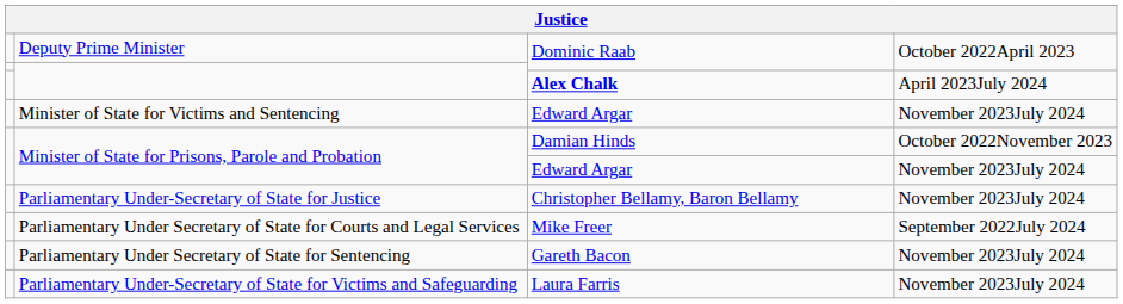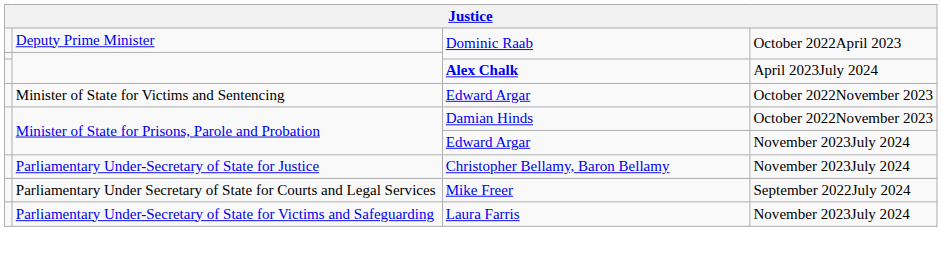 <table class="wikitable">
 <tr>
 <th colspan="4"><a href='#'>Justice</a></th>
 </tr>
 <tr>
 <td rowspan="1" style="width: 1px; background: "></td>
 <td rowspan="1" style="width: 450px;"><a href='#'>Deputy Prime Minister</a></td>
 <td rowspan="2"  style="width: 320px;"><a href='#'>Dominic Raab</a></td>
 <td rowspan="2">October 2022April 2023</td>
 </tr>
 <tr>
 <td style="width: 1px; background: "></td>
 <td rowspan="2" style="width: 450px;"></td>
 </tr>
 <tr>
 <td style="width: 1px; background: "></td>
 <td><strong><a href='#'>Alex Chalk</a></strong></td>
 <td>April 2023July 2024</td>
 </tr>
 <tr>
 <td rowspan="1" style="width: 1px; background: "></td>
 <td rowspan="1">Minister of State for Victims and Sentencing</td>
 <td><a href='#'>Edward Argar</a></td>
-<td>November 2023July 2024</td>
+<td>October 2022November 2023</td>
 </tr>
 <tr>
 <td rowspan="2" style="width: 1px; background: "></td>
 <td rowspan="2"><a href='#'>Minister of State for Prisons, Parole and Probation</a></td>
 <td><a href='#'>Damian Hinds</a></td>
 <td>October 2022November 2023</td>
 </tr>
 <tr>
 <td><a href='#'>Edward Argar</a></td>
 <td>November 2023July 2024</td>
 </tr>
 <tr>
 <td rowspan="1" style="width: 1px; background: "></td>
 <td rowspan="1"><a href='#'>Parliamentary Under-Secretary of State for Justice</a></td>
 <td><a href='#'>Christopher Bellamy, Baron Bellamy</a> </td>
 <td>November 2023July 2024</td>
 </tr>
 <tr>
 <td rowspan="1" style="width: 1px; background: "></td>
 <td>Parliamentary Under Secretary of State for Courts and Legal Services</td>
 <td><a href='#'>Mike Freer</a></td>
 <td>September 2022July 2024</td>
 </tr>
 <tr>
 <td rowspan="1" style="width: 1px; background: "></td>
-<td>Parliamentary Under Secretary of State for Sentencing</td>
-<td><a href='#'>Gareth Bacon</a></td>
-<td>November 2023July 2024</td>
-</tr>
-<tr>
-<td rowspan="1" style="width: 1px; background: "></td>
 <td><a href='#'>Parliamentary Under-Secretary of State for Victims and Safeguarding</a></td>
 <td><a href='#'>Laura Farris</a> </td>
 <td>November 2023July 2024</td>
 </tr>
 </table>
